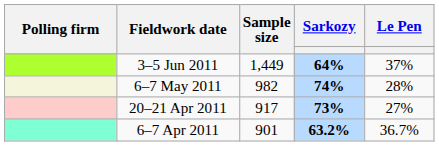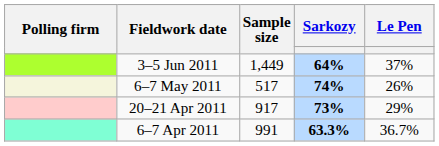 <table class="wikitable sortable" style="text-align:center;font-size:90%;line-height:14px;">
 <tr style="height:40px;">
 <th style="width:100px;" rowspan="2">Polling firm</th>
 <th style="width:110px;" rowspan="2">Fieldwork date</th>
 <th style="width:35px;" rowspan="2">Sample<br>size</th>
 <th class="unsortable" style="width:60px;"><a href='#'>Sarkozy</a><br></th>
 <th class="unsortable" style="width:60px;"><a href='#'>Le Pen</a><br></th>
 </tr>
 <tr>
 <th style="background:"></th>
 <th style="background:"></th>
 </tr>
 <tr>
 <td style="background:GreenYellow;"></td>
 <td data-sort-value="2011-06-05">3–5 Jun 2011</td>
 <td>1,449</td>
 <td style="background:#B9DAFF;"><strong>64%</strong></td>
 <td>37%</td>
 </tr>
 <tr>
 <td style="background:beige;"></td>
 <td data-sort-value="2011-05-07">6–7 May 2011</td>
-<td>982</td>
+<td>517</td>
 <td style="background:#B9DAFF;"><strong>74%</strong></td>
-<td>28%</td>
+<td>26%</td>
 </tr>
 <tr>
 <td style="background:#FFCCCC;"></td>
 <td data-sort-value="2011-04-21">20–21 Apr 2011</td>
 <td>917</td>
 <td style="background:#B9DAFF;"><strong>73%</strong></td>
-<td>27%</td>
+<td>29%</td>
 </tr>
 <tr>
 <td style="background:aquamarine;"></td>
 <td data-sort-value="2011-04-07">6–7 Apr 2011</td>
-<td>901</td>
-<td style="background:#B9DAFF;"><strong>63.2%</strong></td>
+<td>991</td>
+<td style="background:#B9DAFF;"><strong>63.3%</strong></td>
 <td>36.7%</td>
 </tr>
 </table>
